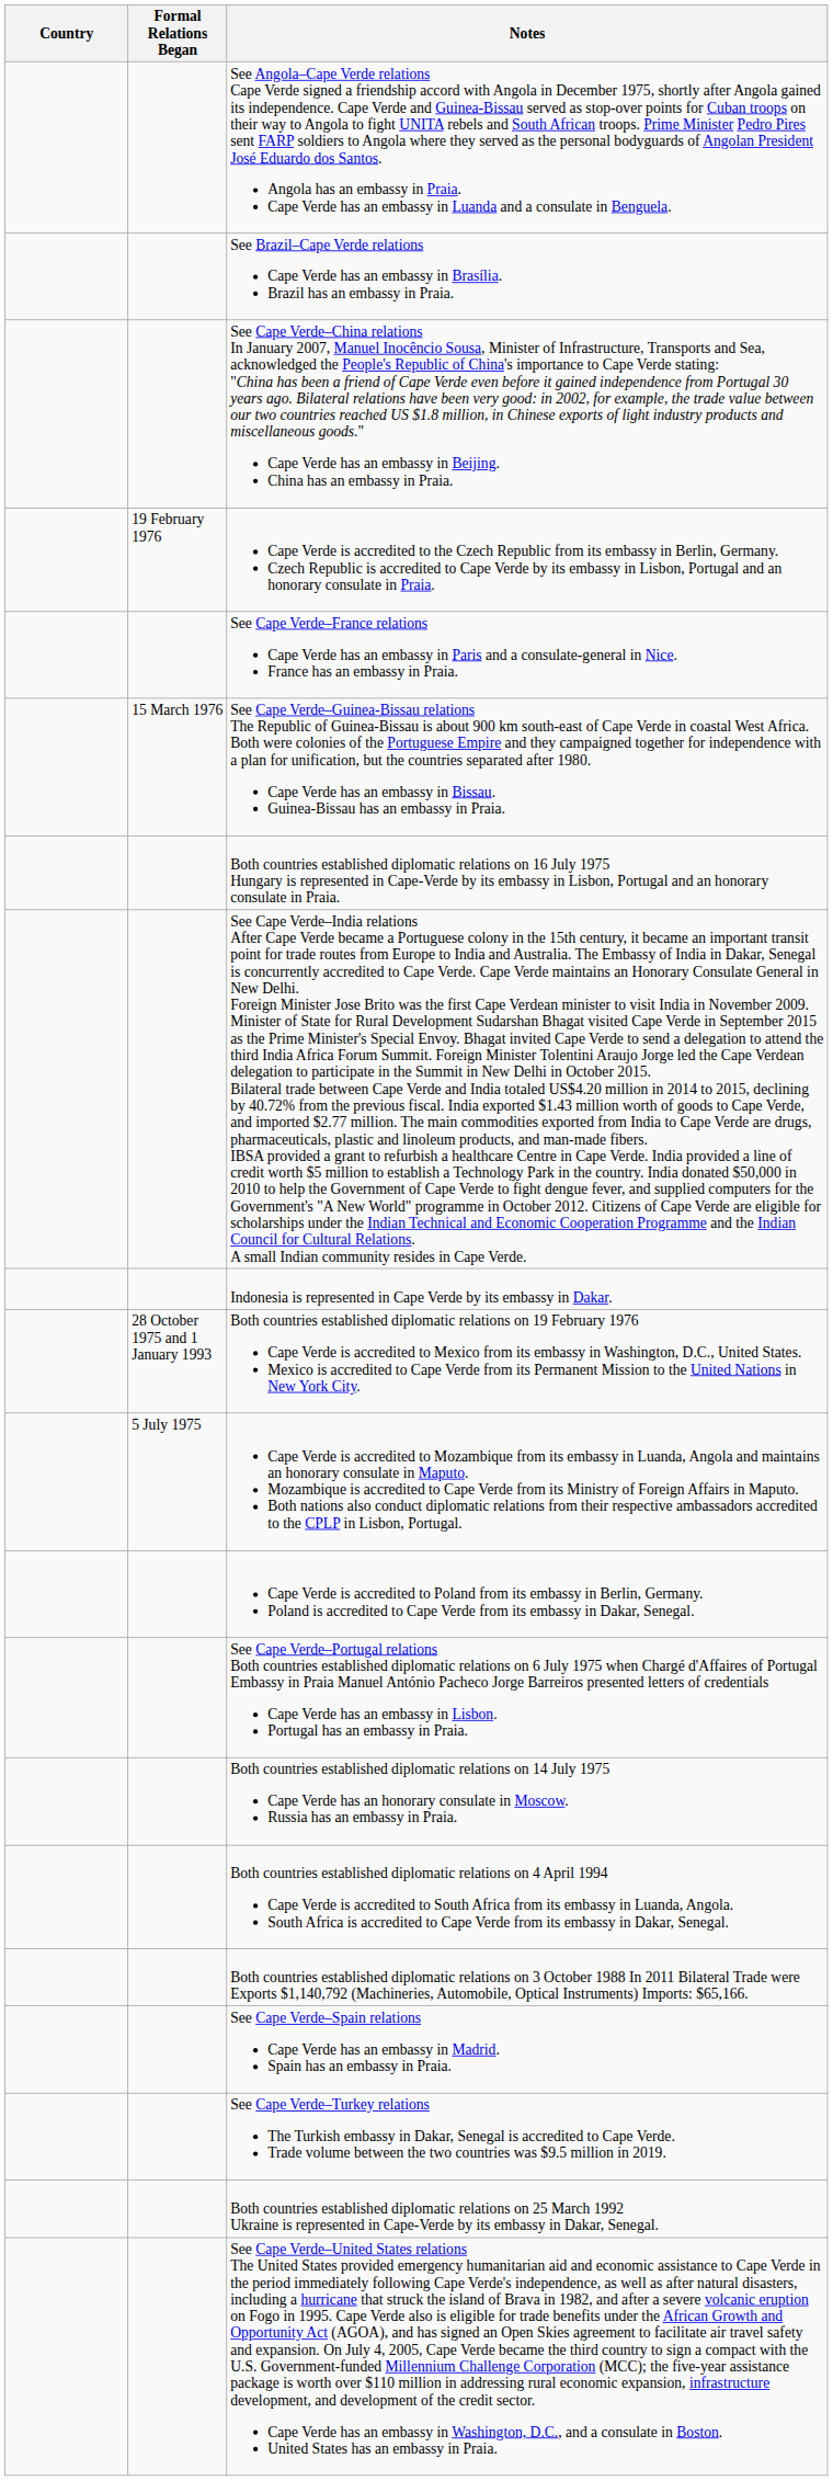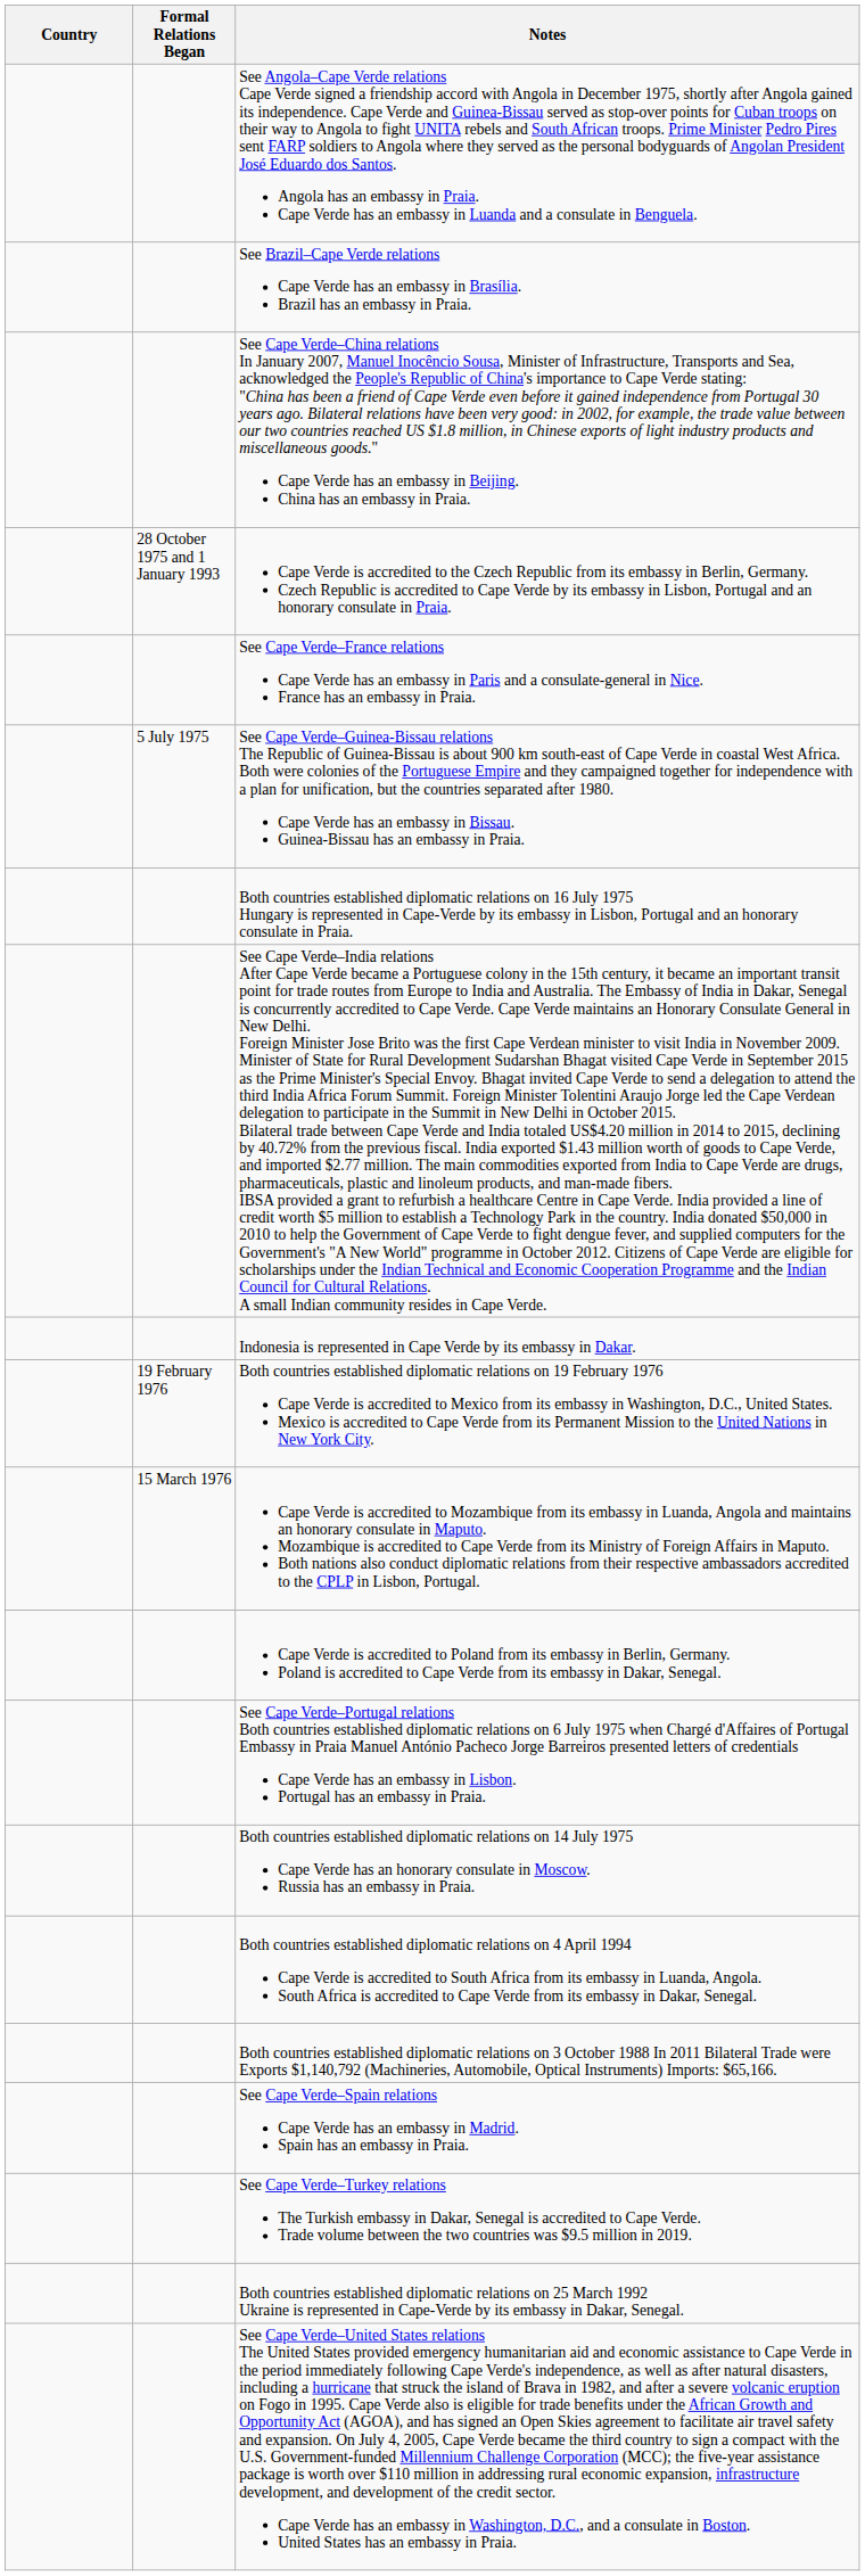 <table class="wikitable sortable" style="width:100%; margin:auto;">
 <tr>
 <th style="width:15%;">Country</th>
 <th style="width:12%;">Formal Relations Began</th>
 <th>Notes</th>
 </tr>
 <tr valign="top">
 <td></td>
 <td></td>
 <td>See <a href='#'>Angola–Cape Verde relations</a><br>Cape Verde signed a friendship accord with Angola in December 1975, shortly after Angola gained its independence. Cape Verde and <a href='#'>Guinea-Bissau</a> served as stop-over points for <a href='#'>Cuban troops</a> on their way to Angola to fight <a href='#'>UNITA</a> rebels and <a href='#'>South African</a> troops. <a href='#'>Prime Minister</a> <a href='#'>Pedro Pires</a> sent <a href='#'>FARP</a> soldiers to Angola where they served as the personal bodyguards of <a href='#'>Angolan President</a> <a href='#'>José Eduardo dos Santos</a>.<ul><li>Angola has an embassy in <a href='#'>Praia</a>.</li><li>Cape Verde has an embassy in <a href='#'>Luanda</a> and a consulate in <a href='#'>Benguela</a>.</li></ul></td>
 </tr>
 <tr valign="top">
 <td></td>
 <td></td>
 <td>See <a href='#'>Brazil–Cape Verde relations</a><br><ul><li>Cape Verde has an embassy in <a href='#'>Brasília</a>.</li><li>Brazil has an embassy in Praia.</li></ul></td>
 </tr>
 <tr valign="top">
 <td></td>
 <td></td>
 <td>See <a href='#'>Cape Verde–China relations</a><br>In January 2007, <a href='#'>Manuel Inocêncio Sousa</a>, Minister of Infrastructure, Transports and Sea, acknowledged the <a href='#'>People's Republic of China</a>'s importance to Cape Verde stating:<br>"<em>China has been a friend of Cape Verde even before it gained independence from Portugal 30 years ago. Bilateral relations have been very good: in 2002, for example, the trade value between our two countries reached US $1.8 million, in Chinese exports of light industry products and miscellaneous goods.</em>"<ul><li>Cape Verde has an embassy in <a href='#'>Beijing</a>.</li><li>China has an embassy in Praia.</li></ul></td>
 </tr>
 <tr valign="top">
 <td></td>
-<td>19 February 1976</td>
+<td>28 October 1975 and 1 January 1993</td>
 <td><br><ul><li>Cape Verde is accredited to the Czech Republic from its embassy in Berlin, Germany.</li><li>Czech Republic is accredited to Cape Verde by its embassy in Lisbon, Portugal and an honorary consulate in <a href='#'>Praia</a>.</li></ul></td>
 </tr>
 <tr valign="top">
 <td></td>
 <td></td>
 <td>See <a href='#'>Cape Verde–France relations</a><br><ul><li>Cape Verde has an embassy in <a href='#'>Paris</a> and a consulate-general in <a href='#'>Nice</a>.</li><li>France has an embassy in Praia.</li></ul></td>
 </tr>
 <tr valign="top">
 <td></td>
-<td>15 March 1976</td>
+<td>5 July 1975</td>
 <td>See <a href='#'>Cape Verde–Guinea-Bissau relations</a><br>The Republic of Guinea-Bissau is about 900 km south-east of Cape Verde in coastal West Africa. Both were colonies of the <a href='#'>Portuguese Empire</a> and they campaigned together for independence with a plan for unification, but the countries separated after 1980.<ul><li>Cape Verde has an embassy in <a href='#'>Bissau</a>.</li><li>Guinea-Bissau has an embassy in Praia.</li></ul></td>
 </tr>
 <tr valign="top">
 <td></td>
 <td></td>
 <td><br>Both countries established diplomatic relations on 16 July 1975<br>Hungary is represented in Cape-Verde by its embassy in Lisbon, Portugal and an honorary consulate in Praia.</td>
 </tr>
 <tr valign="top">
 <td></td>
 <td></td>
 <td>See Cape Verde–India relations<br>After Cape Verde became a Portuguese colony in the 15th century, it became an important transit point for trade routes from Europe to India and Australia. The Embassy of India in Dakar, Senegal is concurrently accredited to Cape Verde. Cape Verde maintains an Honorary Consulate General in New Delhi.<br>Foreign Minister Jose Brito was the first Cape Verdean minister to visit India in November 2009. Minister of State for Rural Development Sudarshan Bhagat visited Cape Verde in September 2015 as the Prime Minister's Special Envoy. Bhagat invited Cape Verde to send a delegation to attend the third  India Africa Forum Summit. Foreign Minister Tolentini Araujo Jorge led the Cape Verdean delegation to participate in the Summit in New Delhi in October 2015.<br>Bilateral trade between Cape Verde and India totaled US$4.20 million in 2014 to 2015, declining by 40.72% from the previous fiscal. India exported $1.43 million worth of goods to Cape Verde, and imported $2.77 million. The main commodities exported from India to Cape Verde are drugs, pharmaceuticals, plastic and linoleum products, and man-made fibers.<br>IBSA provided a grant to refurbish a healthcare Centre in Cape Verde. India provided a line of credit worth $5 million to establish a Technology Park in the country. India donated $50,000 in 2010 to help the Government of Cape Verde to fight dengue fever, and supplied computers for the Government's "A New World" programme in October 2012. Citizens of Cape Verde are eligible for scholarships under the <a href='#'>Indian Technical and Economic Cooperation Programme</a> and the <a href='#'>Indian Council for Cultural Relations</a>.<br>A small Indian community resides in Cape Verde.</td>
 </tr>
 <tr valign="top">
 <td></td>
 <td></td>
 <td><br>Indonesia is represented in Cape Verde by its embassy in <a href='#'>Dakar</a>.</td>
 </tr>
 <tr valign="top">
 <td></td>
-<td>28 October 1975 and 1 January 1993</td>
+<td>19 February 1976</td>
 <td>Both countries established diplomatic relations on 19 February 1976<br><ul><li>Cape Verde is accredited to Mexico from its embassy in Washington, D.C., United States.</li><li>Mexico is accredited to Cape Verde from its Permanent Mission to the <a href='#'>United Nations</a> in <a href='#'>New York City</a>.</li></ul></td>
 </tr>
 <tr valign="top">
 <td></td>
-<td>5 July 1975</td>
+<td>15 March 1976</td>
 <td><br><ul><li>Cape Verde is accredited to Mozambique from its embassy in Luanda, Angola and maintains an honorary consulate in <a href='#'>Maputo</a>.</li><li>Mozambique is accredited to Cape Verde from its Ministry of Foreign Affairs in Maputo.</li><li>Both nations also conduct diplomatic relations from their respective ambassadors accredited to the <a href='#'>CPLP</a> in Lisbon, Portugal.</li></ul></td>
 </tr>
 <tr valign="top">
 <td></td>
 <td></td>
 <td><br><ul><li>Cape Verde is accredited to Poland from its embassy in Berlin, Germany.</li><li>Poland is accredited to Cape Verde from its embassy in Dakar, Senegal.</li></ul></td>
 </tr>
 <tr valign="top">
 <td></td>
 <td></td>
 <td>See <a href='#'>Cape Verde–Portugal relations</a><br>Both countries established diplomatic relations on 6 July 1975 when Chargé d'Affaires of Portugal Embassy in Praia Manuel António Pacheco Jorge Barreiros presented letters of credentials<ul><li>Cape Verde has an embassy in <a href='#'>Lisbon</a>.</li><li>Portugal has an embassy in Praia.</li></ul></td>
 </tr>
 <tr valign="top">
 <td></td>
 <td></td>
 <td>Both countries established diplomatic relations on 14 July 1975<br><ul><li>Cape Verde has an honorary consulate in <a href='#'>Moscow</a>.</li><li>Russia has an embassy in Praia.</li></ul></td>
 </tr>
 <tr valign="top">
 <td></td>
 <td></td>
 <td><br>Both countries established diplomatic relations on 4 April 1994<ul><li>Cape Verde is accredited to South Africa from its embassy in Luanda, Angola.</li><li>South Africa is accredited to Cape Verde from its embassy in Dakar, Senegal.</li></ul></td>
 </tr>
 <tr valign="top">
 <td></td>
 <td></td>
 <td><br>Both countries established diplomatic relations on 3 October 1988 In 2011 Bilateral Trade were Exports $1,140,792 (Machineries, Automobile, Optical Instruments) Imports: $65,166.</td>
 </tr>
 <tr valign="top">
 <td></td>
 <td></td>
 <td>See <a href='#'>Cape Verde–Spain relations</a><br><ul><li>Cape Verde has an embassy in <a href='#'>Madrid</a>.</li><li>Spain has an embassy in Praia.</li></ul></td>
 </tr>
 <tr valign="top">
 <td></td>
 <td></td>
 <td>See <a href='#'>Cape Verde–Turkey relations</a><br><ul><li>The Turkish embassy in Dakar, Senegal is accredited to Cape Verde.</li><li>Trade volume between the two countries was $9.5 million in 2019.</li></ul></td>
 </tr>
 <tr valign="top">
 <td></td>
 <td></td>
 <td><br>Both countries established diplomatic relations on 25 March 1992<br>Ukraine is represented in Cape-Verde by its embassy in Dakar, Senegal.</td>
 </tr>
 <tr valign="top">
 <td></td>
 <td></td>
 <td>See <a href='#'>Cape Verde–United States relations</a><br>The United States provided emergency humanitarian aid and economic assistance to Cape Verde in the period immediately following Cape Verde's independence, as well as after natural disasters, including a <a href='#'>hurricane</a> that struck the island of Brava in 1982, and after a severe <a href='#'>volcanic eruption</a> on Fogo in 1995. Cape Verde also is eligible for trade benefits under the <a href='#'>African Growth and Opportunity Act</a> (AGOA), and has signed an Open Skies agreement to facilitate air travel safety and expansion. On July 4, 2005, Cape Verde became the third country to sign a compact with the U.S. Government-funded <a href='#'>Millennium Challenge Corporation</a> (MCC); the five-year assistance package is worth over $110 million in addressing rural economic expansion, <a href='#'>infrastructure</a> development, and development of the credit sector.<ul><li>Cape Verde has an embassy in <a href='#'>Washington, D.C.</a>, and a consulate in <a href='#'>Boston</a>.</li><li>United States has an embassy in Praia.</li></ul></td>
 </tr>
 </table>
